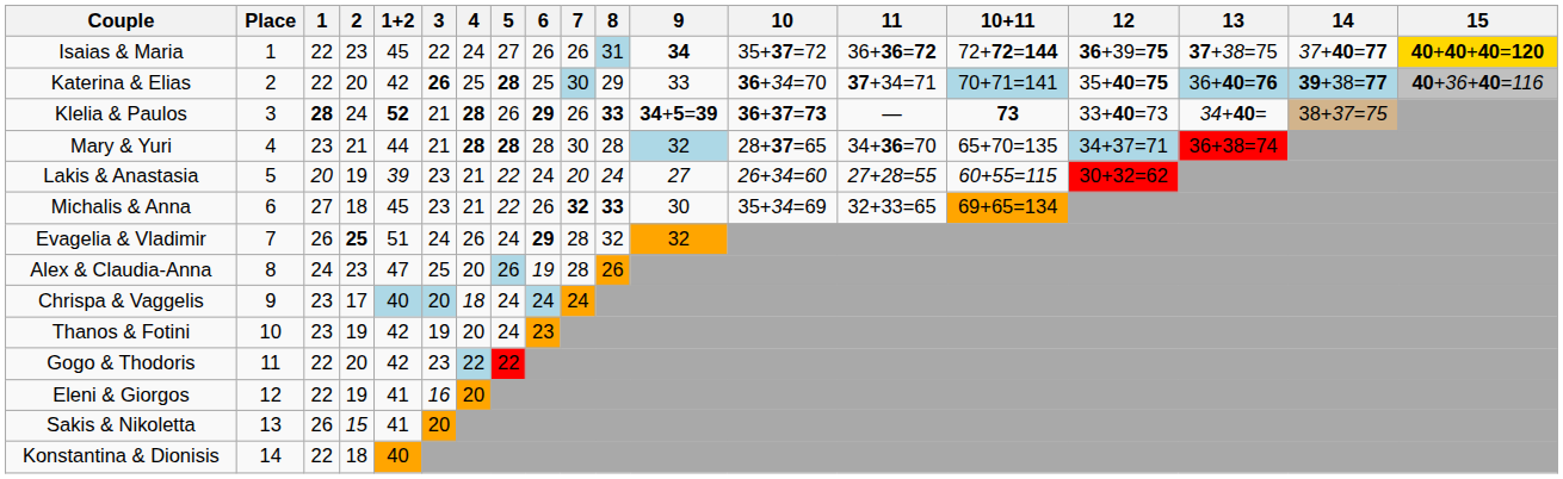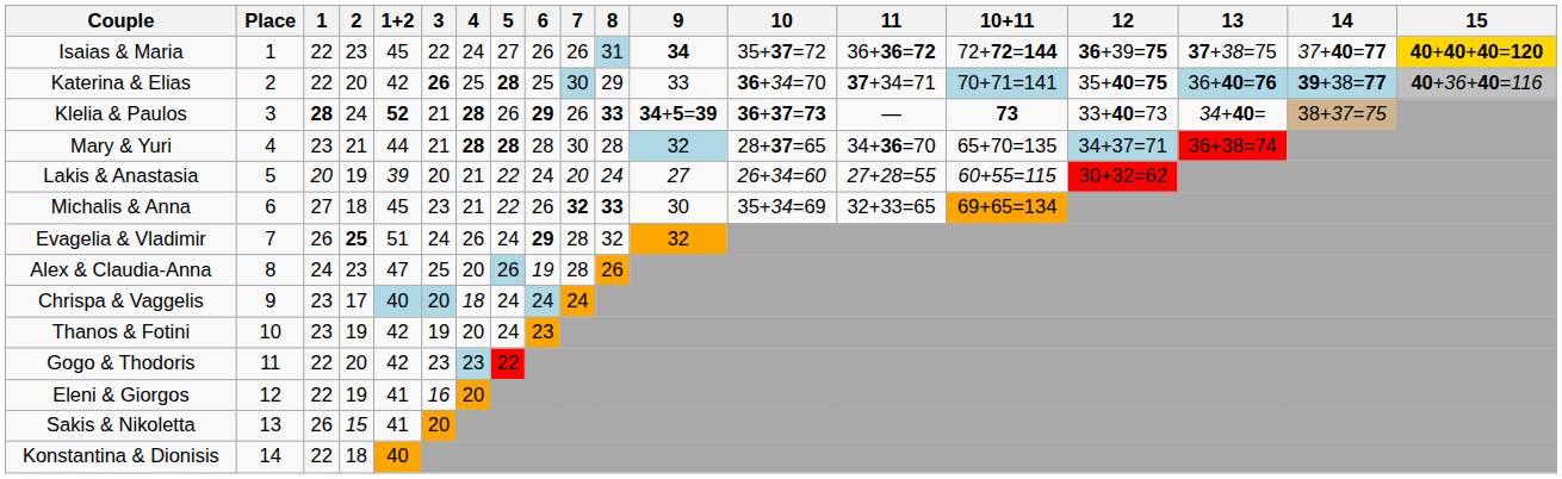 <table class="wikitable sortable"  style="margin:auto; text-align:center; white:nowrap; width:100%;">
 <tr>
 <th>Couple</th>
 <th>Place</th>
 <th>1</th>
 <th>2</th>
 <th>1+2</th>
 <th>3</th>
 <th>4</th>
 <th>5</th>
 <th>6</th>
 <th>7</th>
 <th>8</th>
 <th>9</th>
 <th>10</th>
 <th>11</th>
 <th>10+11</th>
 <th>12</th>
 <th>13</th>
 <th>14</th>
 <th>15</th>
 </tr>
 <tr>
 <td>Isaias & Maria</td>
 <td>1</td>
 <td>22</td>
 <td>23</td>
 <td>45</td>
 <td>22</td>
 <td>24</td>
 <td>27</td>
 <td>26</td>
 <td>26</td>
 <td style="background:lightblue;">31</td>
 <td><span><strong>34</strong></span></td>
 <td>35+<span><strong>37</strong></span>=72</td>
 <td>36+<span><strong>36</strong></span>=<span><strong>72</strong></span></td>
 <td>72+<span><strong>72</strong></span>=<span><strong>144</strong></span></td>
 <td><span><strong>36</strong></span>+39=<span><strong>75</strong></span></td>
 <td><span><strong>37</strong></span>+<span><em>38</em></span>=75</td>
 <td><span><em>37</em></span>+<span><strong>40</strong></span>=<span><strong>77</strong></span></td>
 <td style="background:gold;"><strong>40</strong>+<span><strong>40</strong></span>+<strong>40</strong>=<span><strong>120</strong></span></td>
 </tr>
 <tr>
 <td>Katerina & Elias</td>
 <td>2</td>
 <td>22</td>
 <td>20</td>
 <td>42</td>
 <td><span><strong>26</strong></span></td>
 <td>25</td>
 <td><span><strong>28</strong></span></td>
 <td>25</td>
 <td style="background:lightblue;">30</td>
 <td>29</td>
 <td>33</td>
 <td><span><strong>36</strong></span>+<span><em>34</em></span>=70</td>
 <td><span><strong>37</strong></span>+34=71</td>
 <td style="background:lightblue;">70+71=141</td>
 <td>35+<span><strong>40</strong></span>=<span><strong>75</strong></span></td>
 <td style="background:lightblue;">36+<span><strong>40</strong></span>=<span><strong>76</strong></span></td>
 <td style="background:lightblue;"><span><strong>39</strong></span>+38=<span><strong>77</strong></span></td>
 <td style="background:silver;"><strong>40</strong>+<span><em>36</em></span>+<strong>40</strong>=<span><em>116</em></span></td>
 </tr>
 <tr>
 <td>Klelia & Paulos</td>
 <td>3</td>
 <td><span><strong>28</strong></span></td>
 <td>24</td>
 <td><span><strong>52</strong></span></td>
 <td>21</td>
 <td><span><strong>28</strong></span></td>
 <td>26</td>
 <td><span><strong>29</strong></span></td>
 <td>26</td>
 <td><span><strong>33</strong></span></td>
 <td><span><strong>34</strong></span>+<span><strong>5</strong></span>=<span><strong>39</strong></span></td>
 <td><span><strong>36</strong></span>+<span><strong>37</strong></span>=<span><strong>73</strong></span></td>
 <td>—</td>
 <td><span><strong>73</strong></span></td>
 <td>33+<span><strong>40</strong></span>=73</td>
 <td><span><em>34</em></span>+<span><strong>40</strong></span>=</td>
 <td style="background:tan;">38+<span><em>37</em></span>=<span><em>75</em></span></td>
 <td style="background:darkgrey;"></td>
 </tr>
 <tr>
 <td>Mary & Yuri</td>
 <td>4</td>
 <td>23</td>
 <td>21</td>
 <td>44</td>
 <td>21</td>
 <td><span><strong>28</strong></span></td>
 <td><span><strong>28</strong></span></td>
 <td>28</td>
 <td>30</td>
 <td>28</td>
 <td style="background:lightblue;">32</td>
 <td>28+<span><strong>37</strong></span>=65</td>
 <td>34+<span><strong>36</strong></span>=70</td>
 <td>65+70=135</td>
 <td style="background:lightblue;">34+37=71</td>
 <td style="background:red;">36+38=74</td>
 <td style="background:darkgrey;" colspan="2"></td>
 </tr>
 <tr>
 <td>Lakis & Anastasia</td>
 <td>5</td>
 <td><span><em>20</em></span></td>
 <td>19</td>
 <td><span><em>39</em></span></td>
-<td>23</td>
+<td>20</td>
 <td>21</td>
 <td><span><em>22</em></span></td>
 <td>24</td>
 <td><span><em>20</em></span></td>
 <td><span><em>24</em></span></td>
 <td><span><em>27</em></span></td>
 <td><span><em>26</em></span>+<span><em>34</em></span>=<span><em>60</em></span></td>
 <td><span><em>27</em></span>+<span><em>28</em></span>=<span><em>55</em></span></td>
 <td><span><em>60</em></span>+<span><em>55</em></span>=<span><em>115</em></span></td>
 <td style="background:red;">30+32=62</td>
 <td style="background:darkgrey;" colspan="3"></td>
 </tr>
 <tr>
 <td>Michalis & Anna</td>
 <td>6</td>
 <td>27</td>
 <td>18</td>
 <td>45</td>
 <td>23</td>
 <td>21</td>
 <td><span><em>22</em></span></td>
 <td>26</td>
 <td><span><strong>32</strong></span></td>
 <td><span><strong>33</strong></span></td>
 <td>30</td>
 <td>35+<span><em>34</em></span>=69</td>
 <td>32+33=65</td>
 <td style="background:orange;">69+65=134</td>
 <td style="background:darkgrey;" colspan="4"></td>
 </tr>
 <tr>
 <td>Evagelia & Vladimir</td>
 <td>7</td>
 <td>26</td>
 <td><span><strong>25</strong></span></td>
 <td>51</td>
 <td>24</td>
 <td>26</td>
 <td>24</td>
 <td><span><strong>29</strong></span></td>
 <td>28</td>
 <td>32</td>
 <td style="background:orange;">32</td>
 <td style="background:darkgrey;" colspan="7"></td>
 </tr>
 <tr>
 <td>Alex & Claudia-Anna</td>
 <td>8</td>
 <td>24</td>
 <td>23</td>
 <td>47</td>
 <td>25</td>
 <td>20</td>
 <td style="background:lightblue;">26</td>
 <td><span><em>19</em></span></td>
 <td>28</td>
 <td style="background:orange;">26</td>
 <td style="background:darkgrey;" colspan="8"></td>
 </tr>
 <tr>
 <td>Chrispa & Vaggelis</td>
 <td>9</td>
 <td>23</td>
 <td>17</td>
 <td style="background:lightblue;">40</td>
 <td style="background:lightblue;">20</td>
 <td><span><em>18</em></span></td>
 <td>24</td>
 <td style="background:lightblue;">24</td>
 <td style="background:orange;">24</td>
 <td style="background:darkgrey;" colspan="9"></td>
 </tr>
 <tr>
 <td>Thanos & Fotini</td>
 <td>10</td>
 <td>23</td>
 <td>19</td>
 <td>42</td>
 <td>19</td>
 <td>20</td>
 <td>24</td>
 <td style="background:orange;">23</td>
 <td style="background:darkgrey;" colspan="10"></td>
 </tr>
 <tr>
 <td>Gogo & Thodoris</td>
 <td>11</td>
 <td>22</td>
 <td>20</td>
 <td>42</td>
 <td>23</td>
-<td style="background:lightblue;">22</td>
+<td style="background:lightblue;">23</td>
 <td style="background:red;">22</td>
 <td style="background:darkgrey;" colspan="11"></td>
 </tr>
 <tr>
 <td>Eleni & Giorgos</td>
 <td>12</td>
 <td>22</td>
 <td>19</td>
 <td>41</td>
 <td><span><em>16</em></span></td>
 <td style="background:orange;">20</td>
 <td style="background:darkgrey;" colspan="12"></td>
 </tr>
 <tr>
 <td>Sakis & Nikoletta</td>
 <td>13</td>
 <td>26</td>
 <td><span><em>15</em></span></td>
 <td>41</td>
 <td style="background:orange;">20</td>
 <td style="background:darkgrey;" colspan="13"></td>
 </tr>
 <tr>
 <td>Konstantina & Dionisis</td>
 <td>14</td>
 <td>22</td>
 <td>18</td>
 <td style="background:orange;">40</td>
 <td style="background:darkgrey;" colspan="14"></td>
 </tr>
 </table>
